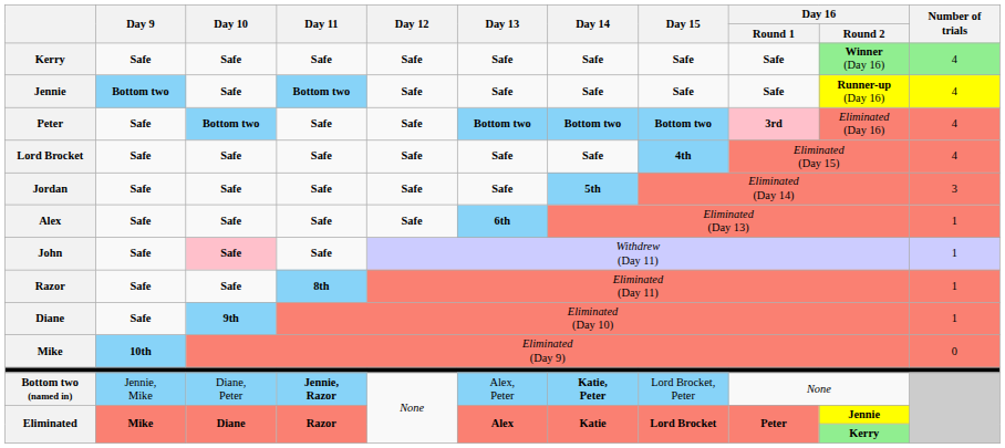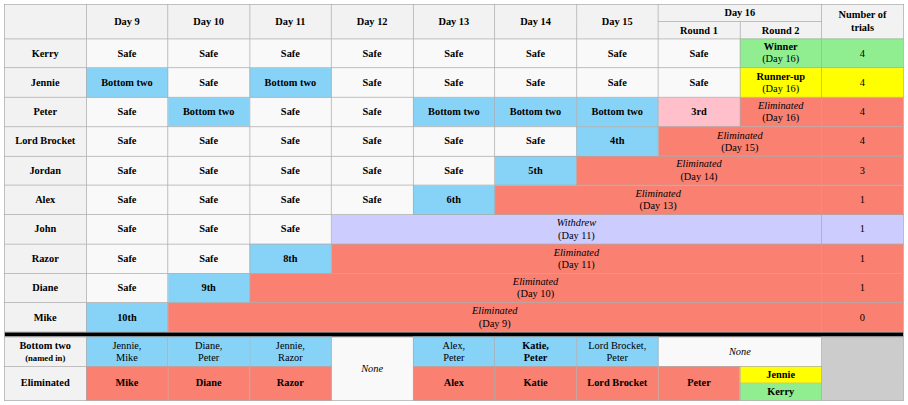 <table class="wikitable" style="text-align:center; font-size:90%">
 <tr>
 <th style="width:7%" rowspan=2 colspan=2></th>
 <th style="width:7%" rowspan=2>Day 9</th>
 <th style="width:7%" rowspan=2>Day 10</th>
 <th style="width:7%" rowspan=2>Day 11</th>
 <th style="width:7%" rowspan=2>Day 12</th>
 <th style="width:7%" rowspan=2>Day 13</th>
 <th style="width:7%" rowspan=2>Day 14</th>
 <th style="width:7%" rowspan=2>Day 15</th>
 <th style="width:7%" colspan=2>Day 16</th>
 <th style="width:7%" rowspan=2>Number of<br>trials</th>
 </tr>
 <tr>
 <th style="width:7%">Round 1</th>
 <th style="width:7%">Round 2</th>
 </tr>
 <tr>
 <th colspan="2">Kerry</th>
 <td><strong>Safe</strong></td>
 <td><strong>Safe</strong></td>
 <td><strong>Safe</strong></td>
 <td><strong>Safe</strong></td>
 <td><strong>Safe</strong></td>
 <td><strong>Safe</strong></td>
 <td><strong>Safe</strong></td>
 <td><strong>Safe</strong></td>
 <td style="background:lightgreen"><strong>Winner</strong> <br> (Day 16)</td>
 <td style="background:lightgreen">4</td>
 </tr>
 <tr>
 <th colspan="2">Jennie</th>
 <td style="background:#87D3F8"><strong>Bottom two</strong></td>
 <td><strong>Safe</strong></td>
 <td style="background:#87D3F8"><strong>Bottom two</strong></td>
 <td><strong>Safe</strong></td>
 <td><strong>Safe</strong></td>
 <td><strong>Safe</strong></td>
 <td><strong>Safe</strong></td>
 <td><strong>Safe</strong></td>
 <td style="background:yellow"><strong>Runner-up</strong> <br> (Day 16)</td>
 <td style="background:yellow">4</td>
 </tr>
 <tr>
 <th colspan="2">Peter</th>
 <td><strong>Safe</strong></td>
 <td style="background:#87D3F8"><strong>Bottom two</strong></td>
 <td><strong>Safe</strong></td>
 <td><strong>Safe</strong></td>
 <td style="background:#87D3F8"><strong>Bottom two</strong></td>
 <td style="background:#87D3F8"><strong>Bottom two</strong></td>
 <td style="background:#87D3F8"><strong>Bottom two</strong></td>
 <td style="background:#FFC0CB"><strong>3rd</strong></td>
 <td style="background:salmon"><em>Eliminated</em> <br> (Day 16)</td>
 <td style="background:salmon">4</td>
 </tr>
 <tr>
 <th colspan="2">Lord Brocket</th>
 <td><strong>Safe</strong></td>
 <td><strong>Safe</strong></td>
 <td><strong>Safe</strong></td>
 <td><strong>Safe</strong></td>
 <td><strong>Safe</strong></td>
 <td><strong>Safe</strong></td>
 <td style="background:#87D3F8"><strong>4th</strong></td>
 <td style="background:salmon" colspan=2><em>Eliminated</em> <br> (Day 15)</td>
 <td style="background:salmon">4</td>
 </tr>
 <tr>
 <th colspan="2">Jordan</th>
 <td><strong>Safe</strong></td>
 <td><strong>Safe</strong></td>
 <td><strong>Safe</strong></td>
 <td><strong>Safe</strong></td>
 <td><strong>Safe</strong></td>
 <td style="background:#87D3F8"><strong>5th</strong></td>
 <td style="background:salmon" colspan=3><em>Eliminated</em> <br> (Day 14)</td>
 <td style="background:salmon">3</td>
 </tr>
 <tr>
 <th colspan="2">Alex</th>
 <td><strong>Safe</strong></td>
 <td><strong>Safe</strong></td>
 <td><strong>Safe</strong></td>
 <td><strong>Safe</strong></td>
 <td style="background:#87D3F8"><strong>6th</strong></td>
 <td style="background:salmon" colspan=4><em>Eliminated</em><br>(Day 13)</td>
 <td style="background:salmon">1</td>
 </tr>
 <tr>
 <th colspan="2">John</th>
 <td><strong>Safe</strong></td>
-<td style="background: pink;"><strong>Safe</strong></td>
+<td><strong>Safe</strong></td>
 <td><strong>Safe</strong></td>
 <td style="background:#ccf;" colspan=6><em>Withdrew</em><br>(Day 11)</td>
 <td style="background:#ccf;">1</td>
 </tr>
 <tr>
 <th colspan="2">Razor</th>
 <td><strong>Safe</strong></td>
 <td><strong>Safe</strong></td>
 <td style="background:#87D3F8"><strong>8th</strong></td>
 <td style="background:salmon" colspan=6><em>Eliminated</em><br>(Day 11)</td>
 <td style="background:salmon">1</td>
 </tr>
 <tr>
 <th colspan="2">Diane</th>
 <td><strong>Safe</strong></td>
 <td style="background:#87D3F8"><strong>9th</strong></td>
 <td style="background:salmon" colspan=7><em>Eliminated</em> <br> (Day 10)</td>
 <td style="background:salmon">1</td>
 </tr>
 <tr>
 <th colspan="2">Mike</th>
 <td style="background:#87D3F8"><strong>10th</strong></td>
 <td style="background:salmon" colspan=8><em>Eliminated</em><br>(Day 9)</td>
 <td style="background:salmon">0</td>
 </tr>
 <tr>
 <td style="background:#000000" colspan=12></td>
 </tr>
 <tr>
 <th colspan=2>Bottom two<br><small>(named in)</small></th>
 <td style="background:#87D3F8">Jennie,<br>Mike</td>
 <td style="background:#87D3F8">Diane,<br>Peter</td>
-<td style="background:#87D3F8"><strong>Jennie,<br>Razor</strong></td>
+<td style="background:#87D3F8">Jennie,<br>Razor</td>
 <td rowspan=3><em>None</em></td>
 <td style="background:#87D3F8">Alex,<br>Peter</td>
 <td style="background:#87D3F8"><strong>Katie,<br>Peter</strong></td>
 <td style="background:#87D3F8">Lord Brocket,<br>Peter</td>
 <td colspan=2><em>None</em></td>
 <td rowspan=4 style=background:#ccc></td>
 </tr>
 <tr>
 <th colspan=2 rowspan=2>Eliminated</th>
 <td style="background:salmon" rowspan="2"><strong>Mike</strong></td>
 <td style="background:salmon" rowspan="2"><strong>Diane</strong></td>
 <td style="background:salmon" rowspan="2"><strong>Razor</strong></td>
 <td style="background:salmon" rowspan="2"><strong>Alex</strong></td>
 <td style="background:salmon" rowspan="2"><strong>Katie</strong></td>
 <td style="background:salmon" rowspan="2"><strong>Lord Brocket</strong></td>
 <td style="background:salmon;width:5%" rowspan="2"><strong>Peter</strong></td>
 <td style="background:yellow"><strong>Jennie</strong></td>
 </tr>
 <tr>
 <td style="background:lightgreen"><strong>Kerry</strong></td>
 </tr>
 </table>
